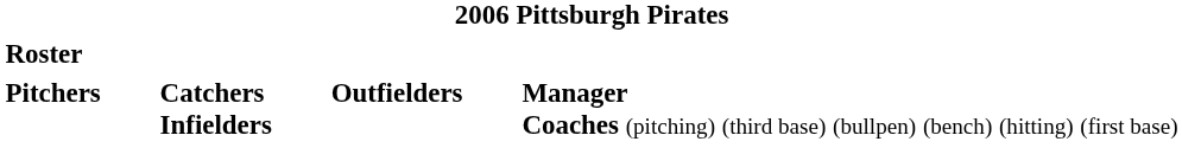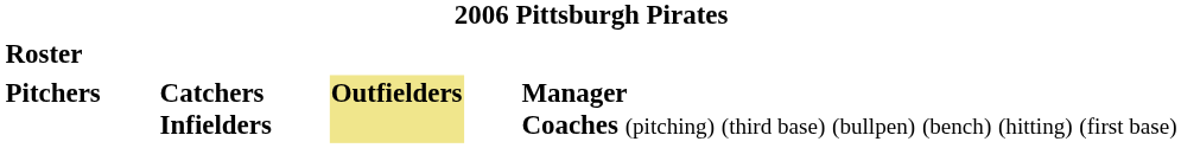 <table class="toccolours" style="font-size: 95%;">
 <tr>
 <th colspan="10"><strong>2006 Pittsburgh Pirates</strong></th>
 </tr>
 <tr>
 <td colspan="10"><strong>Roster</strong></td>
 </tr>
 <tr>
 <td valign="top"><strong>Pitchers</strong><br>                     </td>
 <td style="width:25px;"></td>
 <td valign="top"><strong>Catchers</strong><br>   <strong>Infielders</strong>           </td>
 <td style="width:25px;"></td>
-<td valign="top"><strong>Outfielders</strong><br>     </td>
+<td valign="top" style="background: khaki;"><strong>Outfielders</strong><br>     </td>
 <td style="width:25px;"></td>
 <td valign="top"><strong>Manager</strong><br> <strong>Coaches</strong>  <small>(pitching)</small>  <small>(third base)</small>  <small>(bullpen)</small>  <small>(bench)</small>  <small>(hitting)</small>  <small>(first base)</small></td>
 </tr>
 </table>
